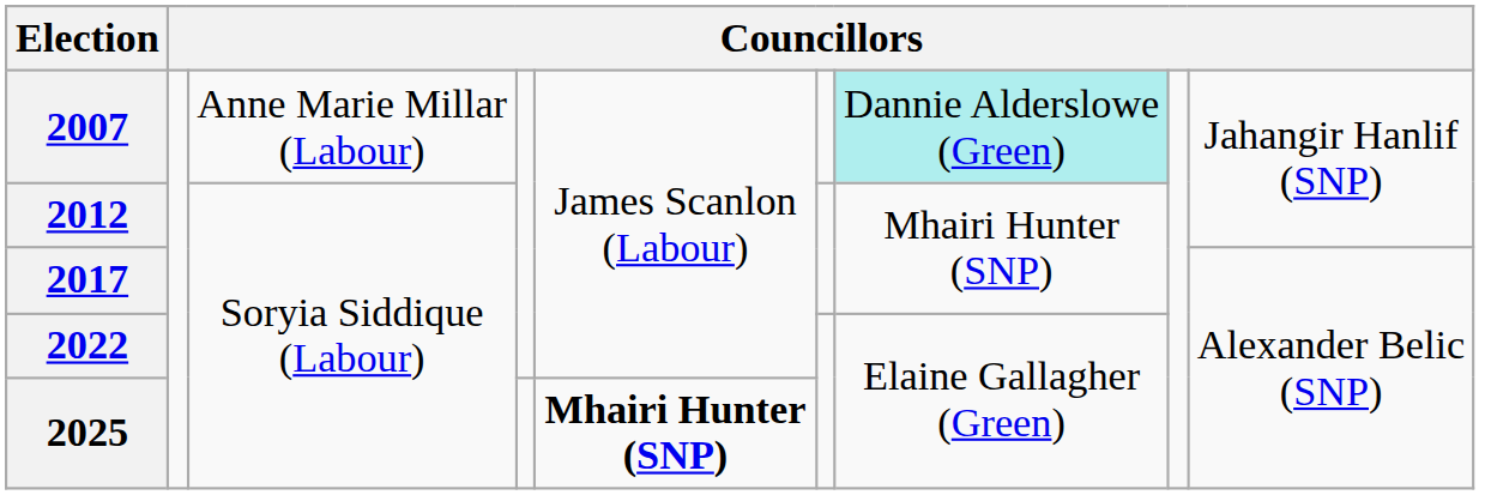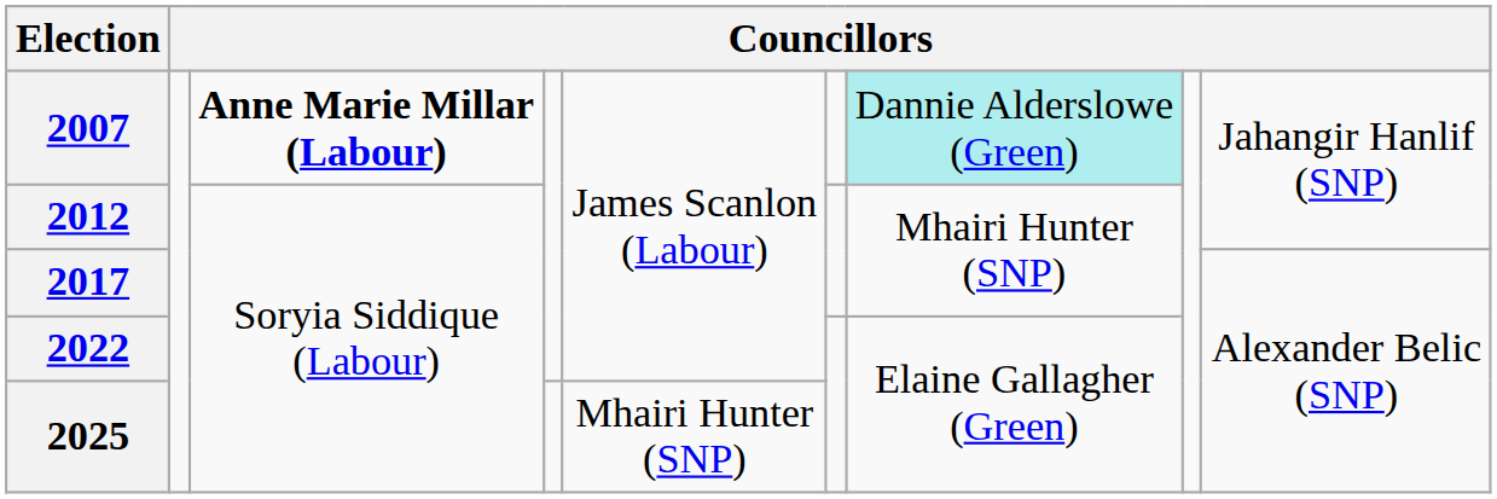 <table class="wikitable" style="text-align:center">
 <tr>
 <th>Election</th>
 <th colspan=8>Councillors</th>
 </tr>
 <tr>
 <th><a href='#'>2007</a></th>
 <td rowspan=5; style="background-color: "></td>
-<td rowspan=1>Anne Marie Millar<br>(<a href='#'>Labour</a>)</td>
+<td rowspan=1><strong>Anne Marie Millar<br>(<a href='#'>Labour</a>)</strong></td>
 <td rowspan=4; style="background-color: "></td>
 <td rowspan=4>James Scanlon<br>(<a href='#'>Labour</a>)</td>
 <td rowspan=1; style="background-color: "></td>
 <td rowspan=1 style="background: paleturquoise;">Dannie Alderslowe<br>(<a href='#'>Green</a>)</td>
 <td rowspan=5; style="background-color: "></td>
 <td rowspan=2>Jahangir Hanlif<br>(<a href='#'>SNP</a>)</td>
 </tr>
 <tr>
 <th><a href='#'>2012</a></th>
 <td rowspan=4>Soryia Siddique<br>(<a href='#'>Labour</a>)</td>
 <td rowspan=2; style="background-color: "></td>
 <td rowspan=2>Mhairi Hunter<br>(<a href='#'>SNP</a>)</td>
 </tr>
 <tr>
 <th><a href='#'>2017</a></th>
 <td rowspan=3>Alexander Belic<br>(<a href='#'>SNP</a>)</td>
 </tr>
 <tr>
 <th><a href='#'>2022</a></th>
 <td rowspan=2; style="background-color: "></td>
 <td rowspan=2>Elaine Gallagher<br>(<a href='#'>Green</a>)</td>
 </tr>
 <tr>
 <th>2025</th>
 <td rowspan=1; style="background-color: "></td>
-<td rowspan=1><strong>Mhairi Hunter<br>(<a href='#'>SNP</a>)</strong></td>
+<td rowspan=1>Mhairi Hunter<br>(<a href='#'>SNP</a>)</td>
 </tr>
 </table>
